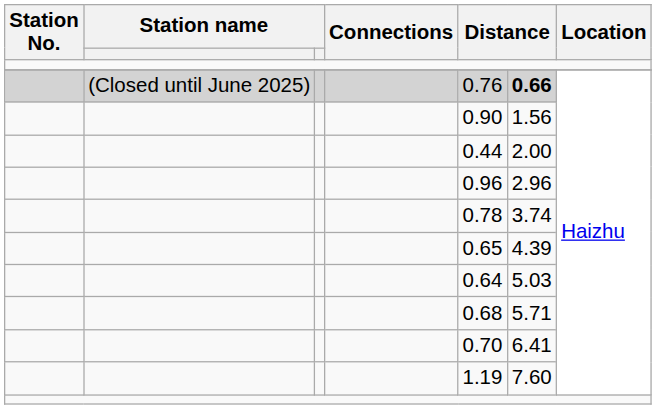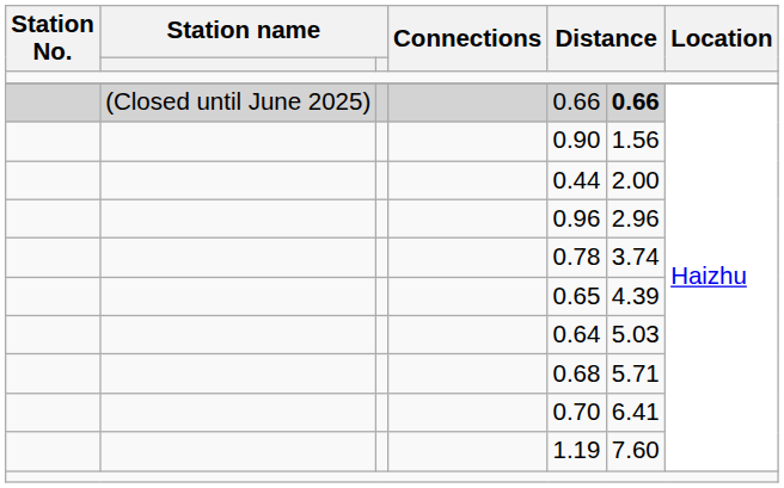 <table class="wikitable">
 <tr>
 <th rowspan="2">Station<br>No.</th>
 <th colspan="2">Station name</th>
 <th rowspan="2">Connections</th>
 <th colspan="2" rowspan="2">Distance<br></th>
 <th rowspan="2">Location</th>
 </tr>
 <tr>
 <th></th>
 <th></th>
 </tr>
 <tr style="background:#">
 <td colspan = "7"></td>
 </tr>
 <tr>
 </tr>
 <tr bgcolor="lightgrey">
 <td></td>
 <td> (Closed until June 2025)</td>
 <td></td>
 <td></td>
-<td>0.76</td>
+<td>0.66</td>
 <td><strong>0.66</strong></td>
 <td bgcolor="white" rowspan=10><a href='#'>Haizhu</a></td>
 </tr>
 <tr>
 <td></td>
 <td></td>
 <td></td>
 <td></td>
 <td>0.90</td>
 <td>1.56</td>
 </tr>
 <tr>
 <td></td>
 <td></td>
 <td></td>
 <td></td>
 <td>0.44</td>
 <td>2.00</td>
 </tr>
 <tr>
 <td></td>
 <td></td>
 <td></td>
 <td></td>
 <td>0.96</td>
 <td>2.96</td>
 </tr>
 <tr>
 <td></td>
 <td></td>
 <td></td>
 <td></td>
 <td>0.78</td>
 <td>3.74</td>
 </tr>
 <tr>
 <td></td>
 <td></td>
 <td></td>
 <td></td>
 <td>0.65</td>
 <td>4.39</td>
 </tr>
 <tr>
 <td></td>
 <td></td>
 <td></td>
 <td></td>
 <td>0.64</td>
 <td>5.03</td>
 </tr>
 <tr>
 <td></td>
 <td></td>
 <td></td>
 <td></td>
 <td>0.68</td>
 <td>5.71</td>
 </tr>
 <tr>
 <td></td>
 <td></td>
 <td></td>
 <td></td>
 <td>0.70</td>
 <td>6.41</td>
 </tr>
 <tr>
 <td></td>
 <td></td>
 <td></td>
 <td>  </td>
 <td>1.19</td>
 <td>7.60</td>
 </tr>
 <tr style="background:#">
 <td colspan = "7"></td>
 </tr>
 </table>
